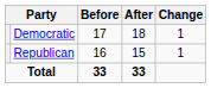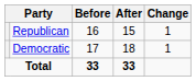 <table class="wikitable" style="text-align:center;">
 <tr>
 <th colspan="2">Party</th>
 <th>Before</th>
 <th>After</th>
 <th>Change</th>
 </tr>
 <tr>
 <th style="background-color:"></th>
-<td style="text-align:left;"><a href='#'>Democratic</a></td>
-<td>17</td>
-<td>18</td>
+<td style="text-align:left;"><a href='#'>Republican</a></td>
+<td>16</td>
+<td>15</td>
 <td> 1</td>
 </tr>
 <tr>
 <th style="background-color:"></th>
-<td style="text-align:left;"><a href='#'>Republican</a></td>
-<td>16</td>
-<td>15</td>
+<td style="text-align:left;"><a href='#'>Democratic</a></td>
+<td>17</td>
+<td>18</td>
 <td> 1</td>
 </tr>
 <tr>
 <td colspan="2"><strong>Total</strong></td>
 <td><strong>33</strong></td>
 <td><strong>33</strong></td>
 <td></td>
 </tr>
 </table>
